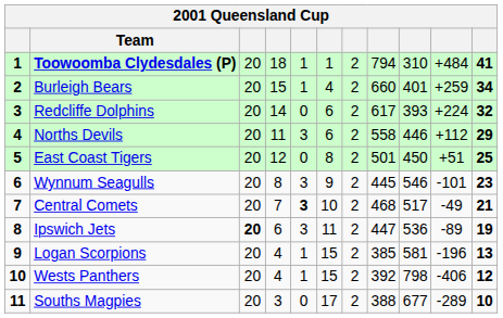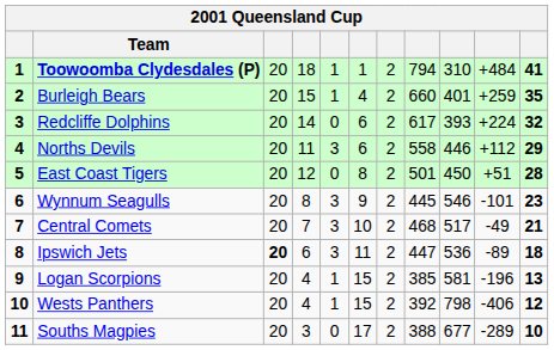 <table class="wikitable" style="text-align:center;">
 <tr>
 <th colspan="11">2001 Queensland Cup</th>
 </tr>
 <tr>
 <th width="20"></th>
 <th>Team</th>
 <th width="20"></th>
 <th width="20"></th>
 <th width="20"></th>
 <th width="20"></th>
 <th width="20"></th>
 <th width="25"></th>
 <th width="25"></th>
 <th width="30"></th>
 <th width="20"></th>
 </tr>
 <tr style="background: #ccffcc;">
 <td><strong>1</strong></td>
 <td style="text-align:left;"> <strong><a href='#'>Toowoomba Clydesdales</a> (P)</strong></td>
 <td>20</td>
 <td>18</td>
 <td>1</td>
 <td>1</td>
 <td>2</td>
 <td>794</td>
 <td>310</td>
 <td>+484</td>
 <td><strong>41</strong></td>
 </tr>
 <tr style="background: #ccffcc;">
 <td><strong>2</strong></td>
 <td style="text-align:left;"> <a href='#'>Burleigh Bears</a></td>
 <td>20</td>
 <td>15</td>
 <td>1</td>
 <td>4</td>
 <td>2</td>
 <td>660</td>
 <td>401</td>
 <td>+259</td>
-<td><strong>34</strong></td>
+<td><strong>35</strong></td>
 </tr>
 <tr style="background: #ccffcc;">
 <td><strong>3</strong></td>
 <td style="text-align:left;"> <a href='#'>Redcliffe Dolphins</a></td>
 <td>20</td>
 <td>14</td>
 <td>0</td>
 <td>6</td>
 <td>2</td>
 <td>617</td>
 <td>393</td>
 <td>+224</td>
 <td><strong>32</strong></td>
 </tr>
 <tr style="background: #ccffcc;">
 <td><strong>4</strong></td>
 <td style="text-align:left;"> <a href='#'>Norths Devils</a></td>
 <td>20</td>
 <td>11</td>
 <td>3</td>
 <td>6</td>
 <td>2</td>
 <td>558</td>
 <td>446</td>
 <td>+112</td>
 <td><strong>29</strong></td>
 </tr>
 <tr style="background: #ccffcc;">
 <td><strong>5</strong></td>
 <td style="text-align:left;"> <a href='#'>East Coast Tigers</a></td>
 <td>20</td>
 <td>12</td>
 <td>0</td>
 <td>8</td>
 <td>2</td>
 <td>501</td>
 <td>450</td>
 <td>+51</td>
-<td><strong>25</strong></td>
+<td><strong>28</strong></td>
 </tr>
 <tr style="background:">
 <td><strong>6</strong></td>
 <td style="text-align:left;"> <a href='#'>Wynnum Seagulls</a></td>
 <td>20</td>
 <td>8</td>
 <td>3</td>
 <td>9</td>
 <td>2</td>
 <td>445</td>
 <td>546</td>
 <td>-101</td>
 <td><strong>23</strong></td>
 </tr>
 <tr style="background:">
 <td><strong>7</strong></td>
 <td style="text-align:left;"> <a href='#'>Central Comets</a></td>
 <td>20</td>
 <td>7</td>
-<td><strong>3</strong></td>
+<td>3</td>
 <td>10</td>
 <td>2</td>
 <td>468</td>
 <td>517</td>
 <td>-49</td>
 <td><strong>21</strong></td>
 </tr>
 <tr style="background:">
 <td><strong>8</strong></td>
 <td style="text-align:left;"> <a href='#'>Ipswich Jets</a></td>
 <td><strong>20</strong></td>
 <td>6</td>
 <td>3</td>
 <td>11</td>
 <td>2</td>
 <td>447</td>
 <td>536</td>
 <td>-89</td>
-<td><strong>19</strong></td>
+<td><strong>18</strong></td>
 </tr>
 <tr style="background:">
 <td><strong>9</strong></td>
 <td style="text-align:left;"> <a href='#'>Logan Scorpions</a></td>
 <td>20</td>
 <td>4</td>
 <td>1</td>
 <td>15</td>
 <td>2</td>
 <td>385</td>
 <td>581</td>
 <td>-196</td>
 <td><strong>13</strong></td>
 </tr>
 <tr style="background:">
 <td><strong>10</strong></td>
 <td style="text-align:left;"> <a href='#'>Wests Panthers</a></td>
 <td>20</td>
 <td>4</td>
 <td>1</td>
 <td>15</td>
 <td>2</td>
 <td>392</td>
 <td>798</td>
 <td>-406</td>
 <td><strong>12</strong></td>
 </tr>
 <tr style="background:">
 <td><strong>11</strong></td>
 <td style="text-align:left;"> <a href='#'>Souths Magpies</a></td>
 <td>20</td>
 <td>3</td>
 <td>0</td>
 <td>17</td>
 <td>2</td>
 <td>388</td>
 <td>677</td>
 <td>-289</td>
 <td><strong>10</strong></td>
 </tr>
 </table>
